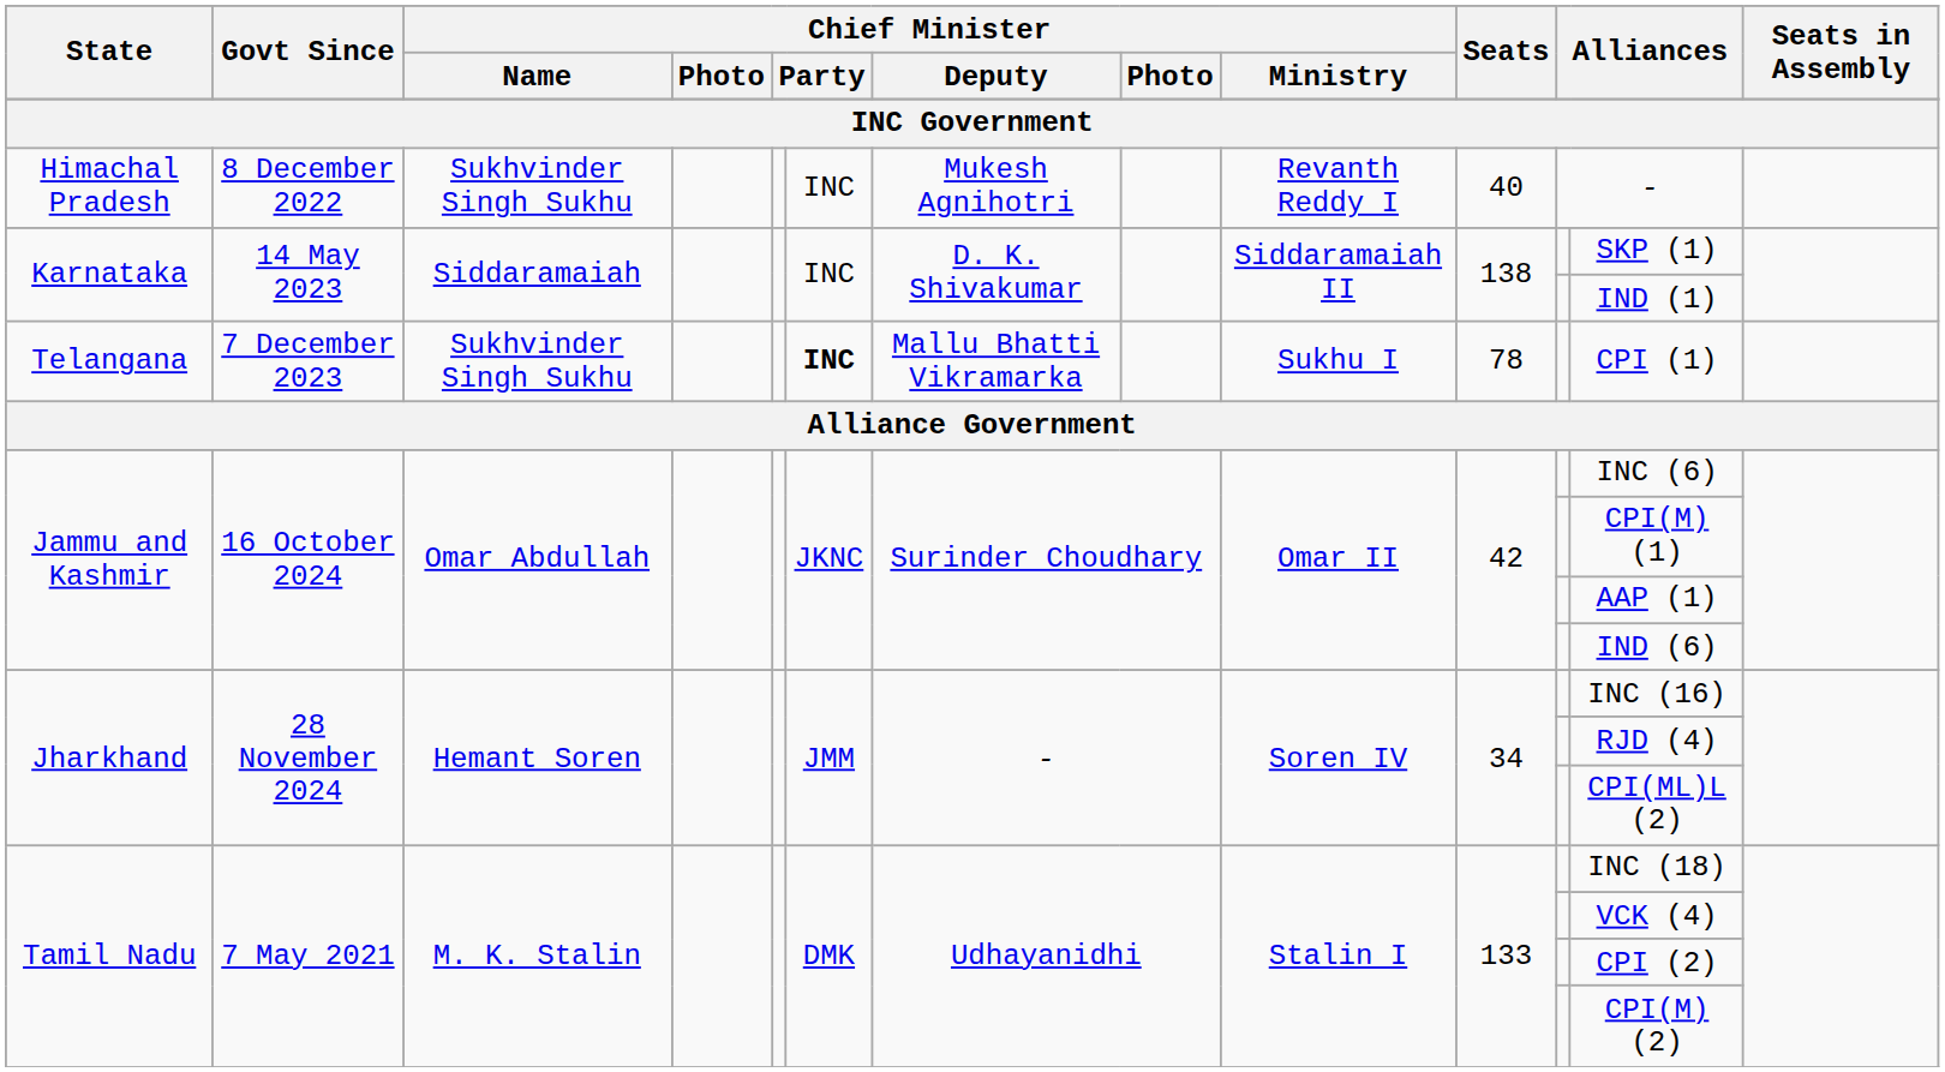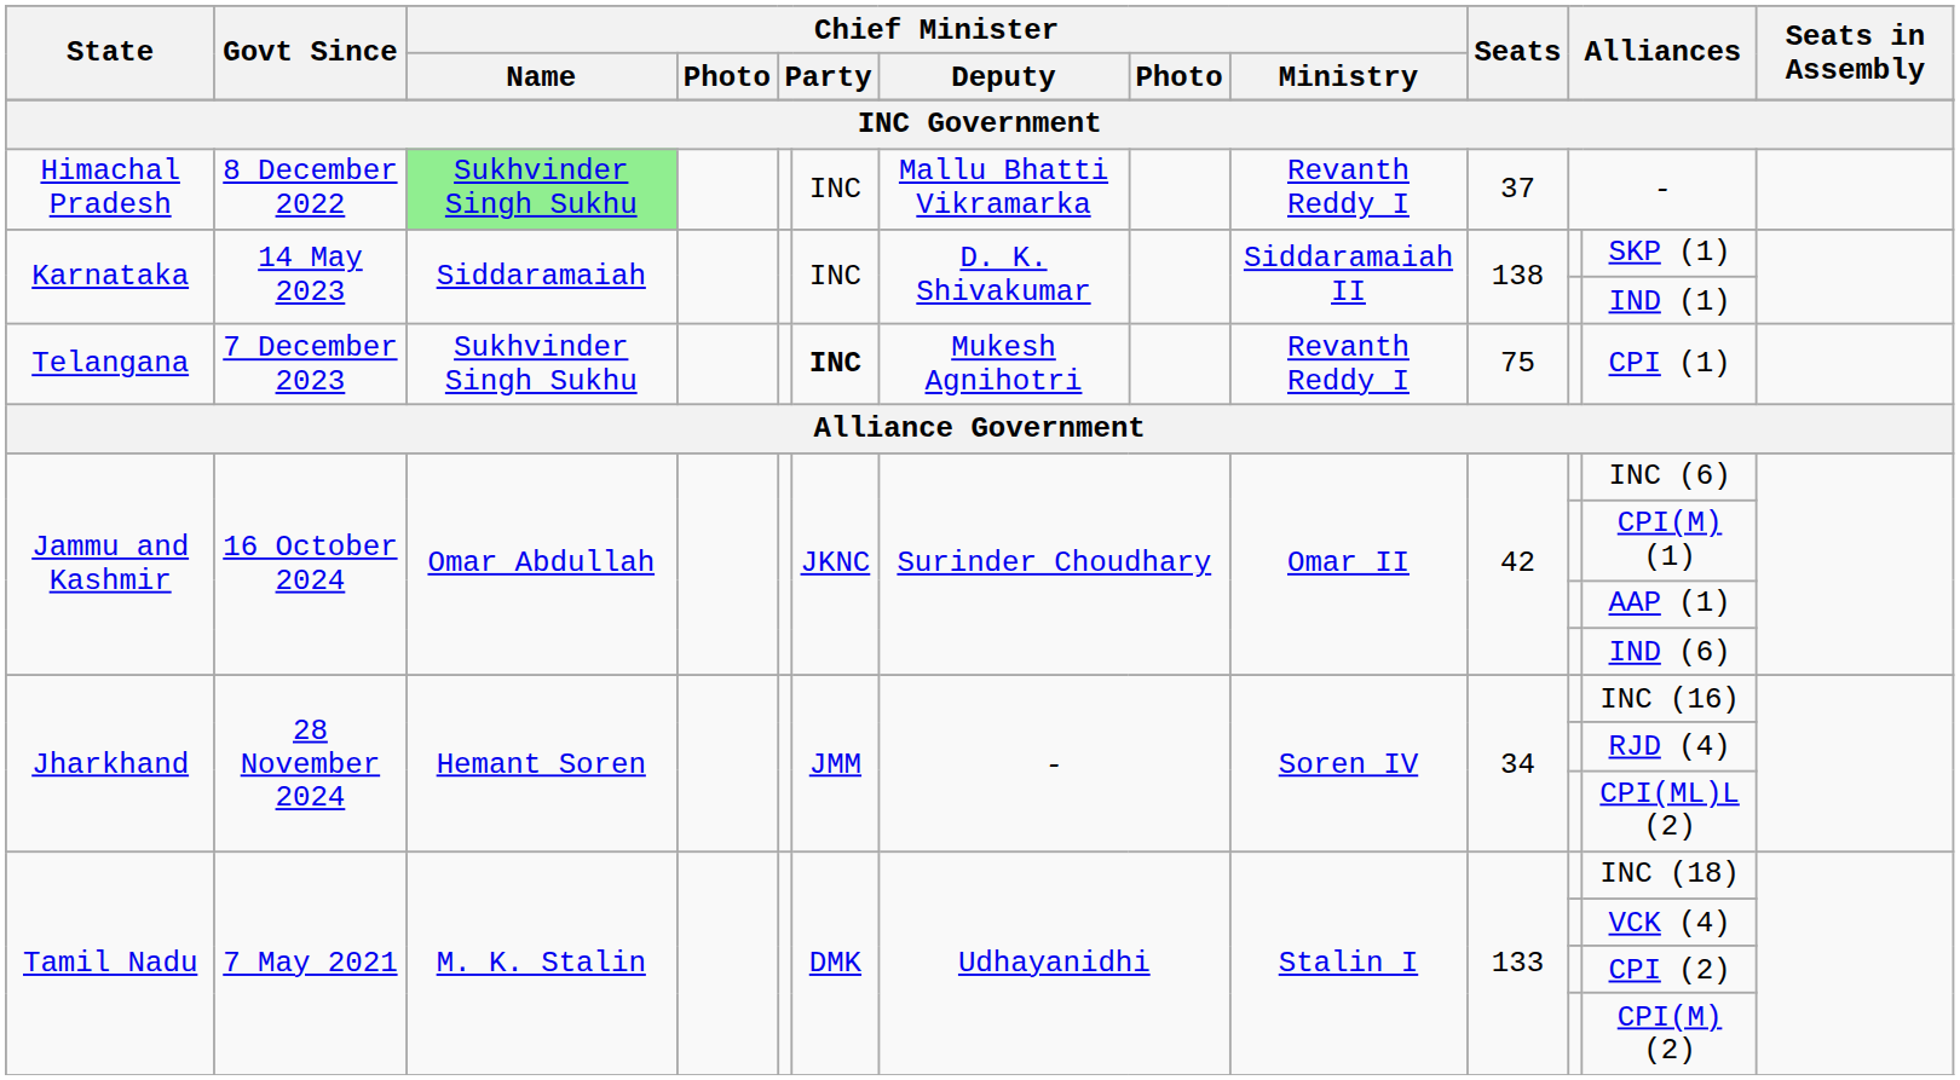 <table class="wikitable sortable" style="text-align: center;">
 <tr>
 <th rowspan="2">State</th>
 <th rowspan="2">Govt Since</th>
 <th colspan="7">Chief Minister</th>
 <th rowspan="2">Seats</th>
 <th colspan="2" rowspan="2">Alliances</th>
 <th rowspan="2">Seats in Assembly</th>
 </tr>
 <tr>
 <th rowspan="1">Name</th>
 <th rowspan="1">Photo</th>
 <th colspan="2" rowspan="1">Party</th>
 <th rowspan="1">Deputy</th>
 <th>Photo</th>
 <th>Ministry</th>
 </tr>
 <tr>
 </tr>
 <tr>
 <th colspan="13">INC Government</th>
 </tr>
 <tr>
 <td><a href='#'>Himachal Pradesh</a></td>
 <td><a href='#'>8 December 2022</a></td>
-<td><a href='#'>Sukhvinder Singh Sukhu</a></td>
+<td style="background: lightgreen;"><a href='#'>Sukhvinder Singh Sukhu</a></td>
 <td></td>
 <td style="background:"></td>
 <td>INC</td>
-<td><a href='#'>Mukesh Agnihotri</a></td>
+<td><a href='#'>Mallu Bhatti Vikramarka</a></td>
 <td></td>
 <td><a href='#'>Revanth Reddy I</a></td>
-<td>40</td>
+<td>37</td>
 <td colspan="2"><em>-</em></td>
 <td></td>
 </tr>
 <tr>
 <td rowspan="2"><a href='#'>Karnataka</a></td>
 <td rowspan="2"><a href='#'>14 May 2023</a></td>
 <td rowspan="2"><a href='#'>Siddaramaiah</a></td>
 <td rowspan="2"></td>
 <td rowspan="2" style="background:"></td>
 <td rowspan="2">INC</td>
 <td rowspan="2"><a href='#'>D. K. Shivakumar</a></td>
 <td rowspan="2"></td>
 <td rowspan="2"><a href='#'>Siddaramaiah II</a></td>
 <td rowspan="2">138</td>
 <td></td>
 <td><a href='#'>SKP</a> (1)</td>
 <td rowspan="2"></td>
 </tr>
 <tr>
 <td></td>
 <td><a href='#'>IND</a> (1)</td>
 </tr>
 <tr>
 <td><a href='#'>Telangana</a></td>
 <td><a href='#'>7 December 2023</a></td>
 <td><a href='#'>Sukhvinder Singh Sukhu</a></td>
 <td></td>
 <td style="background:"></td>
 <td><strong>INC</strong></td>
-<td><a href='#'>Mallu Bhatti Vikramarka</a></td>
+<td><a href='#'>Mukesh Agnihotri</a></td>
 <td></td>
-<td><a href='#'>Sukhu I</a></td>
-<td>78</td>
+<td><a href='#'>Revanth Reddy I</a></td>
+<td>75</td>
 <td></td>
 <td><a href='#'>CPI</a> (1)</td>
 <td></td>
 </tr>
 <tr>
 <th colspan="13">Alliance Government</th>
 </tr>
 <tr>
 <td rowspan="4"><a href='#'>Jammu and Kashmir</a></td>
 <td rowspan="4"><a href='#'>16 October 2024</a></td>
 <td rowspan="4"><a href='#'>Omar Abdullah</a></td>
 <td rowspan="4"></td>
 <td rowspan="4" style="background:"></td>
 <td rowspan="4"><a href='#'>JKNC</a></td>
 <td colspan="2" rowspan="4"><a href='#'>Surinder Choudhary</a></td>
 <td rowspan="4"><a href='#'>Omar II</a></td>
 <td rowspan="4">42</td>
 <td></td>
 <td>INC (6)</td>
 <td rowspan="4"></td>
 </tr>
 <tr>
 <td></td>
 <td><a href='#'>CPI(M)</a> (1)</td>
 </tr>
 <tr>
 <td></td>
 <td><a href='#'>AAP</a> (1)</td>
 </tr>
 <tr>
 <td></td>
 <td><a href='#'>IND</a> (6)</td>
 </tr>
 <tr>
 <td rowspan="3"><a href='#'>Jharkhand</a></td>
 <td rowspan="3"><a href='#'>28 November 2024</a></td>
 <td rowspan="3"><a href='#'>Hemant Soren</a></td>
 <td rowspan="3"></td>
 <td rowspan="3" style="background:"></td>
 <td rowspan="3"><a href='#'>JMM</a></td>
 <td colspan="2" rowspan="3"><em>-</em></td>
 <td rowspan="3"><a href='#'>Soren IV</a></td>
 <td rowspan="3">34</td>
 <td></td>
 <td>INC (16)</td>
 <td rowspan="3"></td>
 </tr>
 <tr>
 <td></td>
 <td><a href='#'>RJD</a> (4)</td>
 </tr>
 <tr>
 <td></td>
 <td><a href='#'>CPI(ML)L</a> (2)</td>
 </tr>
 <tr>
 <td rowspan="4"><a href='#'>Tamil Nadu</a></td>
 <td rowspan="4"><a href='#'>7 May 2021</a></td>
 <td rowspan="4"><a href='#'>M. K. Stalin</a></td>
 <td rowspan="4"></td>
 <td rowspan="4" style="background:"></td>
 <td rowspan="4"><a href='#'>DMK</a></td>
 <td colspan="2" rowspan="4"><a href='#'>Udhayanidhi</a></td>
 <td rowspan="4"><a href='#'>Stalin I</a></td>
 <td rowspan="4">133</td>
 <td></td>
 <td>INC (18)</td>
 <td rowspan=4></td>
 </tr>
 <tr>
 <td></td>
 <td><a href='#'>VCK</a> (4)</td>
 </tr>
 <tr>
 <td></td>
 <td><a href='#'>CPI</a> (2)</td>
 </tr>
 <tr>
 <td></td>
 <td><a href='#'>CPI(M)</a> (2)</td>
 </tr>
 <tr>
 </tr>
 </table>
